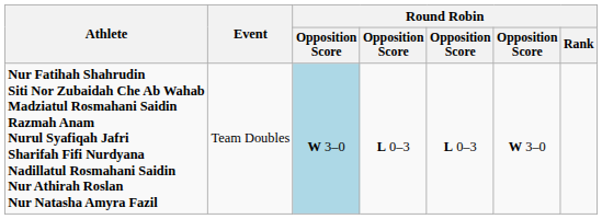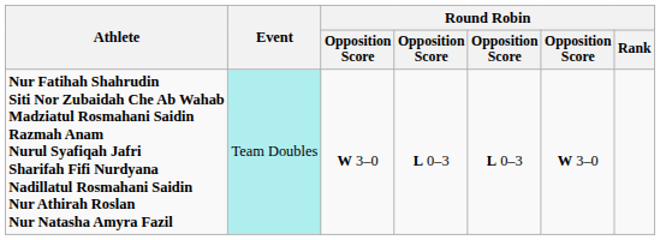 <table class="wikitable" style="font-size:90%">
 <tr>
 <th rowspan="2">Athlete</th>
 <th rowspan="2">Event</th>
 <th colspan="5">Round Robin</th>
 </tr>
 <tr style="font-size:95%">
 <th>Opposition<br>Score</th>
 <th>Opposition<br>Score</th>
 <th>Opposition<br>Score</th>
 <th>Opposition<br>Score</th>
 <th>Rank</th>
 </tr>
 <tr align="center">
 <td align="left"><strong>Nur Fatihah Shahrudin<br>Siti Nor Zubaidah Che Ab Wahab<br>Madziatul Rosmahani Saidin<br>Razmah Anam<br>Nurul Syafiqah Jafri<br>Sharifah Fifi Nurdyana<br>Nadillatul Rosmahani Saidin<br>Nur Athirah Roslan<br>Nur Natasha Amyra Fazil</strong></td>
-<td align="left">Team Doubles</td>
-<td style="background: lightblue;"><br><strong>W</strong> 3–0</td>
+<td align="left" style="background: paleturquoise;">Team Doubles</td>
+<td><br><strong>W</strong> 3–0</td>
 <td><br><strong>L</strong> 0–3</td>
 <td><br><strong>L</strong> 0–3</td>
 <td><br><strong>W</strong> 3–0</td>
 <td></td>
 </tr>
 </table>
